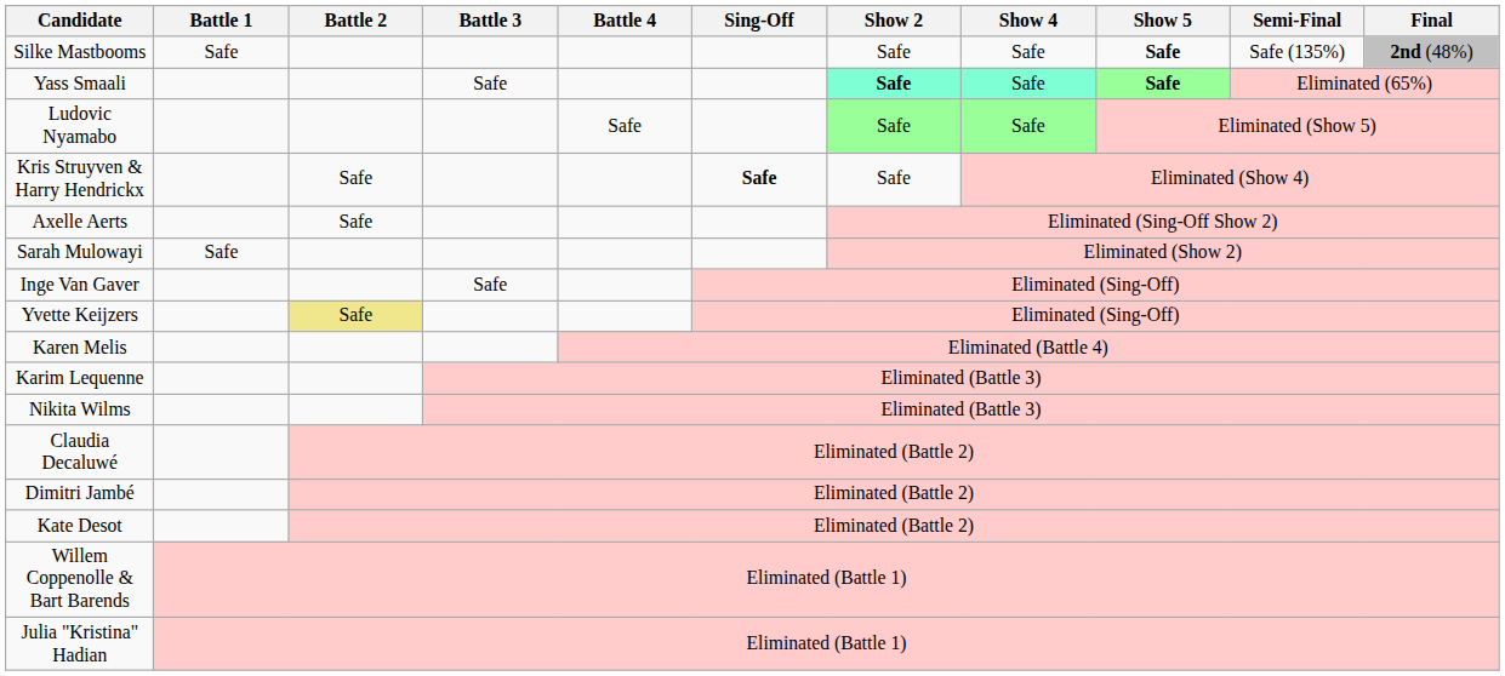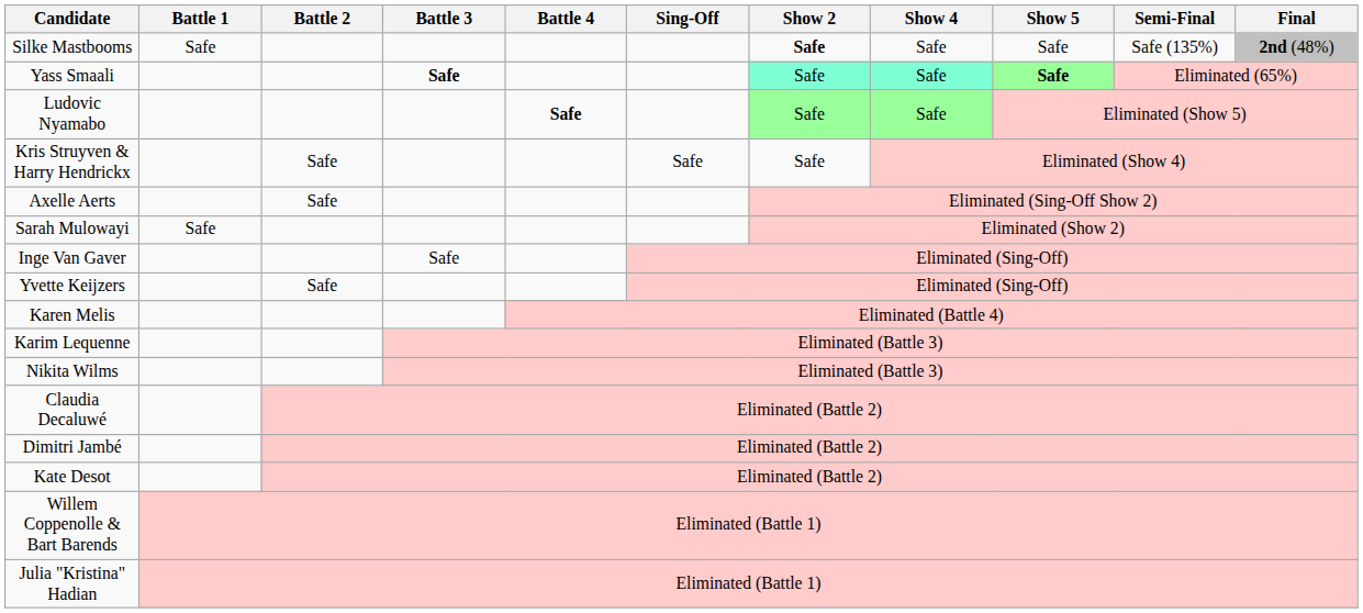 <table class="wikitable" style="text-align:center; font-size:85%">
 <tr>
 <th style="width:100px;">Candidate</th>
 <th style="width:90px;">Battle 1</th>
 <th style="width:90px;">Battle 2</th>
 <th style="width:90px;">Battle 3</th>
 <th style="width:90px;">Battle 4</th>
 <th style="width:90px;">Sing-Off</th>
 <th style="width:90px;">Show 2</th>
 <th style="width:90px;">Show 4</th>
 <th style="width:90px;">Show 5</th>
 <th style="width:90px;">Semi-Final</th>
 <th style="width:90px;">Final</th>
 </tr>
 <tr>
 <td>Silke Mastbooms</td>
 <td>Safe</td>
 <td></td>
 <td></td>
 <td></td>
 <td></td>
+<td><strong>Safe</strong></td>
 <td>Safe</td>
 <td>Safe</td>
-<td><strong>Safe</strong></td>
 <td>Safe (135%)</td>
 <td style="background:silver;"><strong>2nd</strong> (48%)</td>
 </tr>
 <tr>
 <td>Yass Smaali</td>
 <td></td>
 <td></td>
-<td>Safe</td>
+<td><strong>Safe</strong></td>
 <td></td>
 <td></td>
-<td style="background:aquamarine"><strong>Safe</strong></td>
+<td style="background:aquamarine">Safe</td>
 <td style="background:aquamarine">Safe</td>
 <td style="background:#9f9;"><strong>Safe</strong></td>
 <td style="background:#ffcbcb" colspan=4>Eliminated (65%)</td>
 </tr>
 <tr>
 <td>Ludovic Nyamabo</td>
 <td></td>
 <td></td>
 <td></td>
-<td>Safe</td>
+<td><strong>Safe</strong></td>
 <td></td>
 <td style="background:#9f9;">Safe</td>
 <td style="background:#9f9;">Safe</td>
 <td style="background:#ffcbcb" colspan=4>Eliminated (Show 5)</td>
 </tr>
 <tr>
 <td>Kris Struyven & Harry Hendrickx</td>
 <td></td>
 <td>Safe</td>
 <td></td>
 <td></td>
-<td><strong>Safe</strong></td>
+<td>Safe</td>
 <td>Safe</td>
 <td style="background:#ffcbcb" colspan=5>Eliminated (Show 4)</td>
 </tr>
 <tr>
 <td>Axelle Aerts</td>
 <td></td>
 <td>Safe</td>
 <td></td>
 <td></td>
 <td></td>
 <td style="background:#ffcbcb" colspan=6>Eliminated (Sing-Off Show 2)</td>
 </tr>
 <tr>
 <td>Sarah Mulowayi</td>
 <td>Safe</td>
 <td></td>
 <td></td>
 <td></td>
 <td></td>
 <td style="background:#ffcbcb" colspan=6>Eliminated (Show 2)</td>
 </tr>
 <tr>
 <td>Inge Van Gaver</td>
 <td></td>
 <td></td>
 <td>Safe</td>
 <td></td>
 <td style="background:#ffcbcb" colspan=6>Eliminated (Sing-Off)</td>
 </tr>
 <tr>
 <td>Yvette Keijzers</td>
 <td></td>
-<td style="background: khaki;">Safe</td>
+<td>Safe</td>
 <td></td>
 <td></td>
 <td style="background:#ffcbcb" colspan=6>Eliminated (Sing-Off)</td>
 </tr>
 <tr>
 <td>Karen Melis</td>
 <td></td>
 <td></td>
 <td></td>
 <td style="background:#ffcbcb" colspan=7>Eliminated (Battle 4)</td>
 </tr>
 <tr>
 <td>Karim Lequenne</td>
 <td></td>
 <td></td>
 <td style="background:#ffcbcb" colspan=8>Eliminated (Battle 3)</td>
 </tr>
 <tr>
 <td>Nikita Wilms</td>
 <td></td>
 <td></td>
 <td style="background:#ffcbcb" colspan=8>Eliminated (Battle 3)</td>
 </tr>
 <tr>
 <td>Claudia Decaluwé</td>
 <td></td>
 <td style="background:#ffcbcb" colspan=9>Eliminated (Battle 2)</td>
 </tr>
 <tr>
 <td>Dimitri Jambé</td>
 <td></td>
 <td style="background:#ffcbcb" colspan=9>Eliminated (Battle 2)</td>
 </tr>
 <tr>
 <td>Kate Desot</td>
 <td></td>
 <td style="background:#ffcbcb" colspan=9>Eliminated (Battle 2)</td>
 </tr>
 <tr>
 <td>Willem Coppenolle & Bart Barends</td>
 <td style="background:#ffcbcb" colspan=10>Eliminated (Battle 1)</td>
 </tr>
 <tr>
 <td>Julia "Kristina" Hadian</td>
 <td style="background:#ffcbcb" colspan=10>Eliminated (Battle 1)</td>
 </tr>
 </table>
